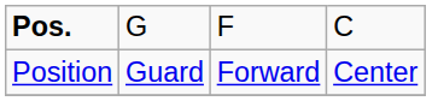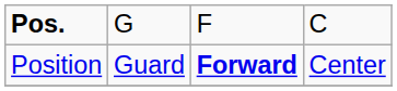 <table class="wikitable">
 <tr>
 <td><strong>Pos.</strong></td>
 <td>G</td>
 <td>F</td>
 <td>C</td>
 </tr>
 <tr>
 <td><a href='#'>Position</a></td>
 <td><a href='#'>Guard</a></td>
-<td><a href='#'>Forward</a></td>
+<td><strong><a href='#'>Forward</a></strong></td>
 <td><a href='#'>Center</a></td>
 </tr>
 <tr>
 </tr>
 </table>
